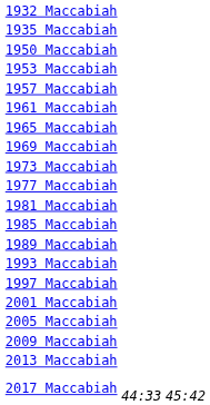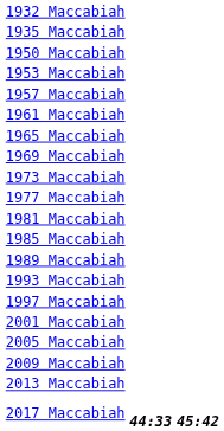 <table>
 <tr valign="top">
 <td><a href='#'>1932 Maccabiah</a></td>
 <td></td>
 <td></td>
 <td></td>
 </tr>
 <tr>
 <td><a href='#'>1935 Maccabiah</a></td>
 <td></td>
 <td></td>
 <td></td>
 </tr>
 <tr>
 <td><a href='#'>1950 Maccabiah</a></td>
 <td></td>
 <td></td>
 <td></td>
 </tr>
 <tr>
 <td><a href='#'>1953 Maccabiah</a></td>
 <td></td>
 <td></td>
 <td></td>
 </tr>
 <tr>
 <td><a href='#'>1957 Maccabiah</a></td>
 <td></td>
 <td></td>
 <td></td>
 </tr>
 <tr>
 <td><a href='#'>1961 Maccabiah</a></td>
 <td></td>
 <td></td>
 <td></td>
 </tr>
 <tr>
 <td><a href='#'>1965 Maccabiah</a></td>
 <td></td>
 <td></td>
 <td></td>
 </tr>
 <tr>
 <td><a href='#'>1969 Maccabiah</a></td>
 <td></td>
 <td></td>
 <td></td>
 </tr>
 <tr>
 <td><a href='#'>1973 Maccabiah</a></td>
 <td></td>
 <td></td>
 <td></td>
 </tr>
 <tr>
 <td><a href='#'>1977 Maccabiah</a></td>
 <td></td>
 <td></td>
 <td></td>
 </tr>
 <tr>
 <td><a href='#'>1981 Maccabiah</a></td>
 <td></td>
 <td></td>
 <td></td>
 </tr>
 <tr>
 <td><a href='#'>1985 Maccabiah</a></td>
 <td></td>
 <td></td>
 <td></td>
 </tr>
 <tr>
 <td><a href='#'>1989 Maccabiah</a></td>
 <td></td>
 <td></td>
 <td></td>
 </tr>
 <tr>
 <td><a href='#'>1993 Maccabiah</a></td>
 <td></td>
 <td></td>
 <td></td>
 </tr>
 <tr>
 <td><a href='#'>1997 Maccabiah</a></td>
 <td></td>
 <td></td>
 <td></td>
 </tr>
 <tr>
 <td><a href='#'>2001 Maccabiah</a></td>
 <td></td>
 <td></td>
 <td></td>
 </tr>
 <tr>
 <td><a href='#'>2005 Maccabiah</a></td>
 <td></td>
 <td></td>
 <td></td>
 </tr>
 <tr>
 <td><a href='#'>2009 Maccabiah</a></td>
 <td></td>
 <td></td>
 <td></td>
 </tr>
 <tr>
 <td><a href='#'>2013 Maccabiah</a></td>
 <td></td>
 <td></td>
 <td></td>
 </tr>
 <tr>
 <td><a href='#'>2017 Maccabiah</a></td>
-<td><br><em>44:33</em></td>
-<td><br><em>45:42</em></td>
+<td><strong><br><em>44:33</em></strong></td>
+<td><strong><br><em>45:42</em></strong></td>
 <td></td>
 </tr>
 </table>
